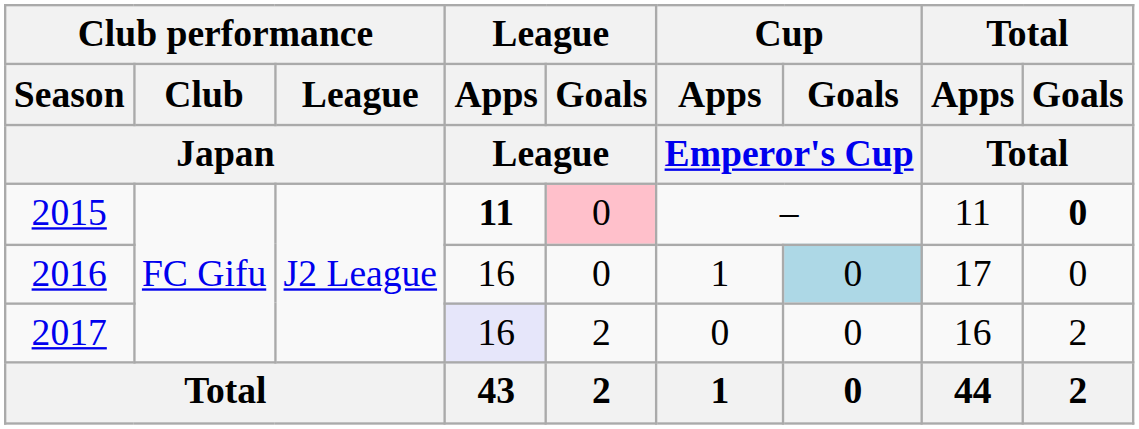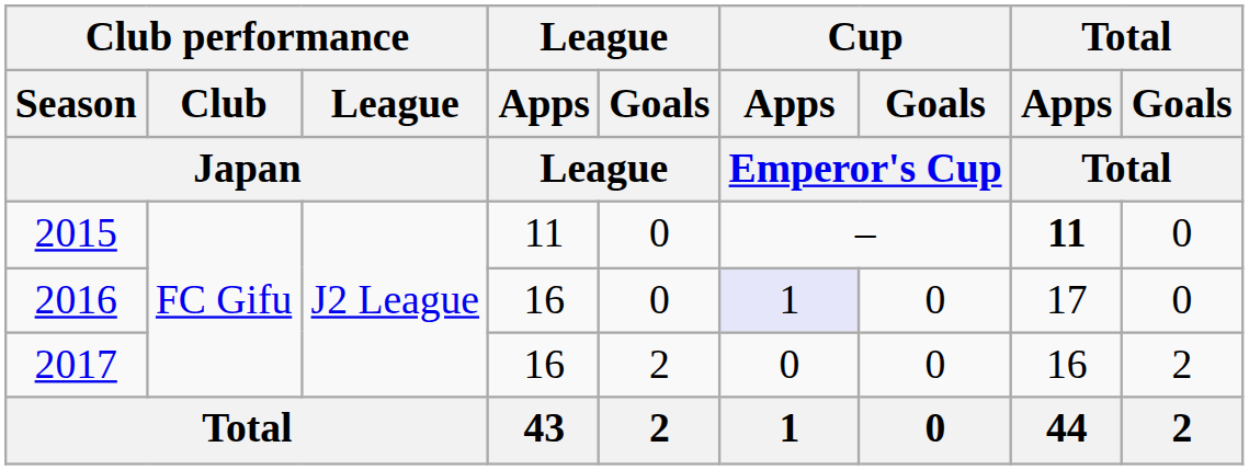 <table class="wikitable" style="text-align:center;">
 <tr>
 <th colspan=3>Club performance</th>
 <th colspan=2>League</th>
 <th colspan=2>Cup</th>
 <th colspan=2>Total</th>
 </tr>
 <tr>
 <th>Season</th>
 <th>Club</th>
 <th>League</th>
 <th>Apps</th>
 <th>Goals</th>
 <th>Apps</th>
 <th>Goals</th>
 <th>Apps</th>
 <th>Goals</th>
 </tr>
 <tr>
 <th colspan=3>Japan</th>
 <th colspan=2>League</th>
 <th colspan=2><a href='#'>Emperor's Cup</a></th>
 <th colspan=2>Total</th>
 </tr>
 <tr>
 <td><a href='#'>2015</a></td>
 <td rowspan="3"><a href='#'>FC Gifu</a></td>
 <td rowspan="3"><a href='#'>J2 League</a></td>
+<td>11</td>
+<td>0</td>
+<td colspan="2">–</td>
 <td><strong>11</strong></td>
-<td style="background: pink;">0</td>
-<td colspan="2">–</td>
-<td>11</td>
-<td><strong>0</strong></td>
+<td>0</td>
 </tr>
 <tr>
 <td><a href='#'>2016</a></td>
 <td>16</td>
 <td>0</td>
-<td>1</td>
-<td style="background: lightblue;">0</td>
+<td style="background: lavender;">1</td>
+<td>0</td>
 <td>17</td>
 <td>0</td>
 </tr>
 <tr>
 <td><a href='#'>2017</a></td>
-<td style="background: lavender;">16</td>
+<td>16</td>
 <td>2</td>
 <td>0</td>
 <td>0</td>
 <td>16</td>
 <td>2</td>
 </tr>
 <tr>
 <th colspan=3>Total</th>
 <th>43</th>
 <th>2</th>
 <th>1</th>
 <th>0</th>
 <th>44</th>
 <th>2</th>
 </tr>
 </table>
